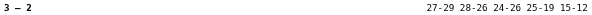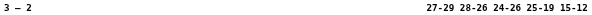 <table width=100% cellspacing=1>
 <tr>
 <th width=20%></th>
 <th width=12%></th>
 <th width=20%></th>
 <th width=33%></th>
 <td></td>
 </tr>
 <tr style=font-size:90%>
 <td align=right><strong></strong></td>
 <td align=center><strong>3 – 2</strong></td>
 <td></td>
-<td>27-29 28-26 24-26 25-19 15-12</td>
+<td><strong>27-29 28-26 24-26 25-19 15-12</strong></td>
 </tr>
 </table>
